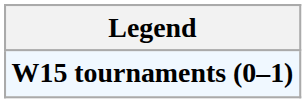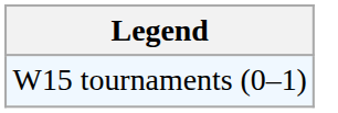 <table class=wikitable style="font-size:85%">
 <tr>
 <th>Legend</th>
 </tr>
 <tr style="background:#f0f8ff;">
-<td><strong>W15 tournaments (0–1)</strong></td>
+<td>W15 tournaments (0–1)</td>
 </tr>
 </table>
